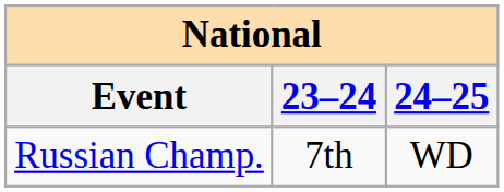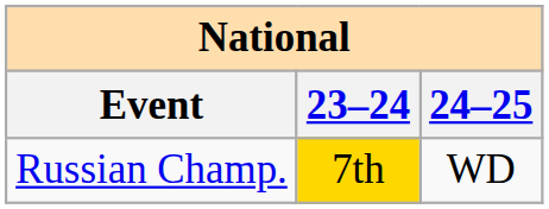 <table class="wikitable" style="text-align:center">
 <tr>
 <th style="background-color: #ffdead; " colspan=3 align=center>National</th>
 </tr>
 <tr>
 <th>Event</th>
 <th><a href='#'>23–24</a></th>
 <th><a href='#'>24–25</a></th>
 </tr>
 <tr>
 <td align=left><a href='#'>Russian Champ.</a></td>
-<td>7th</td>
+<td style="background: gold;">7th</td>
 <td>WD</td>
 </tr>
 </table>
